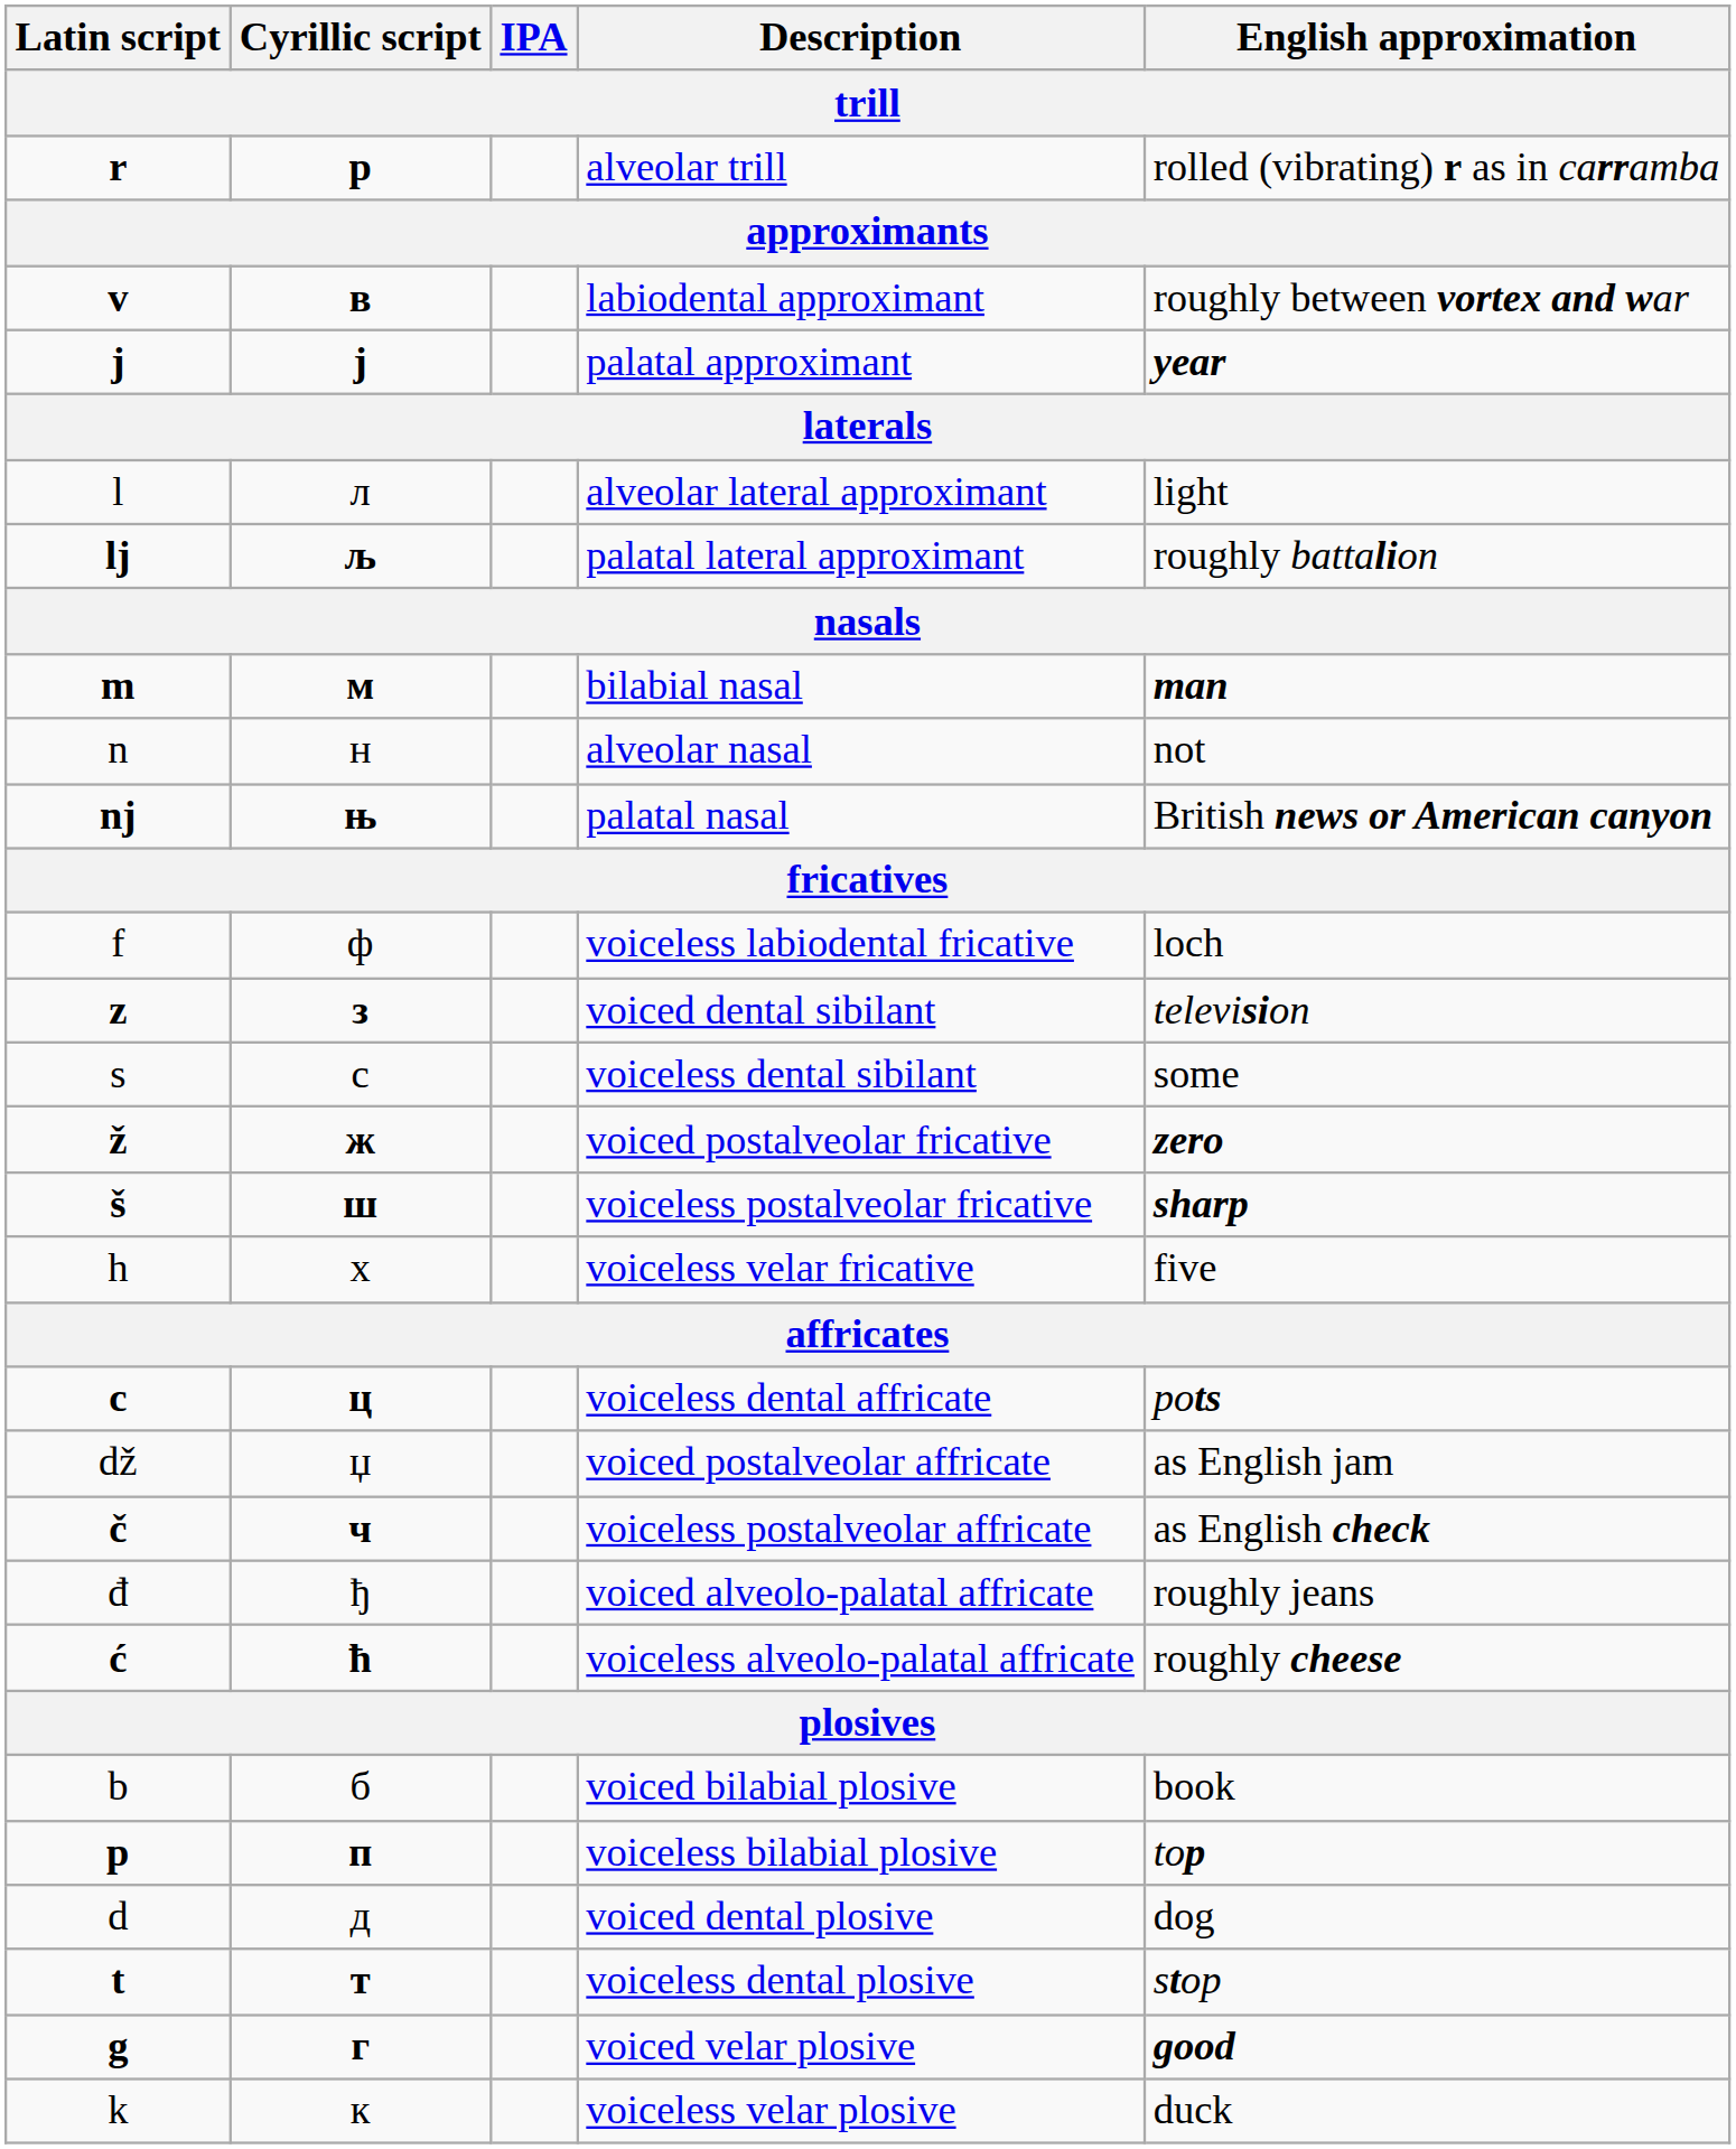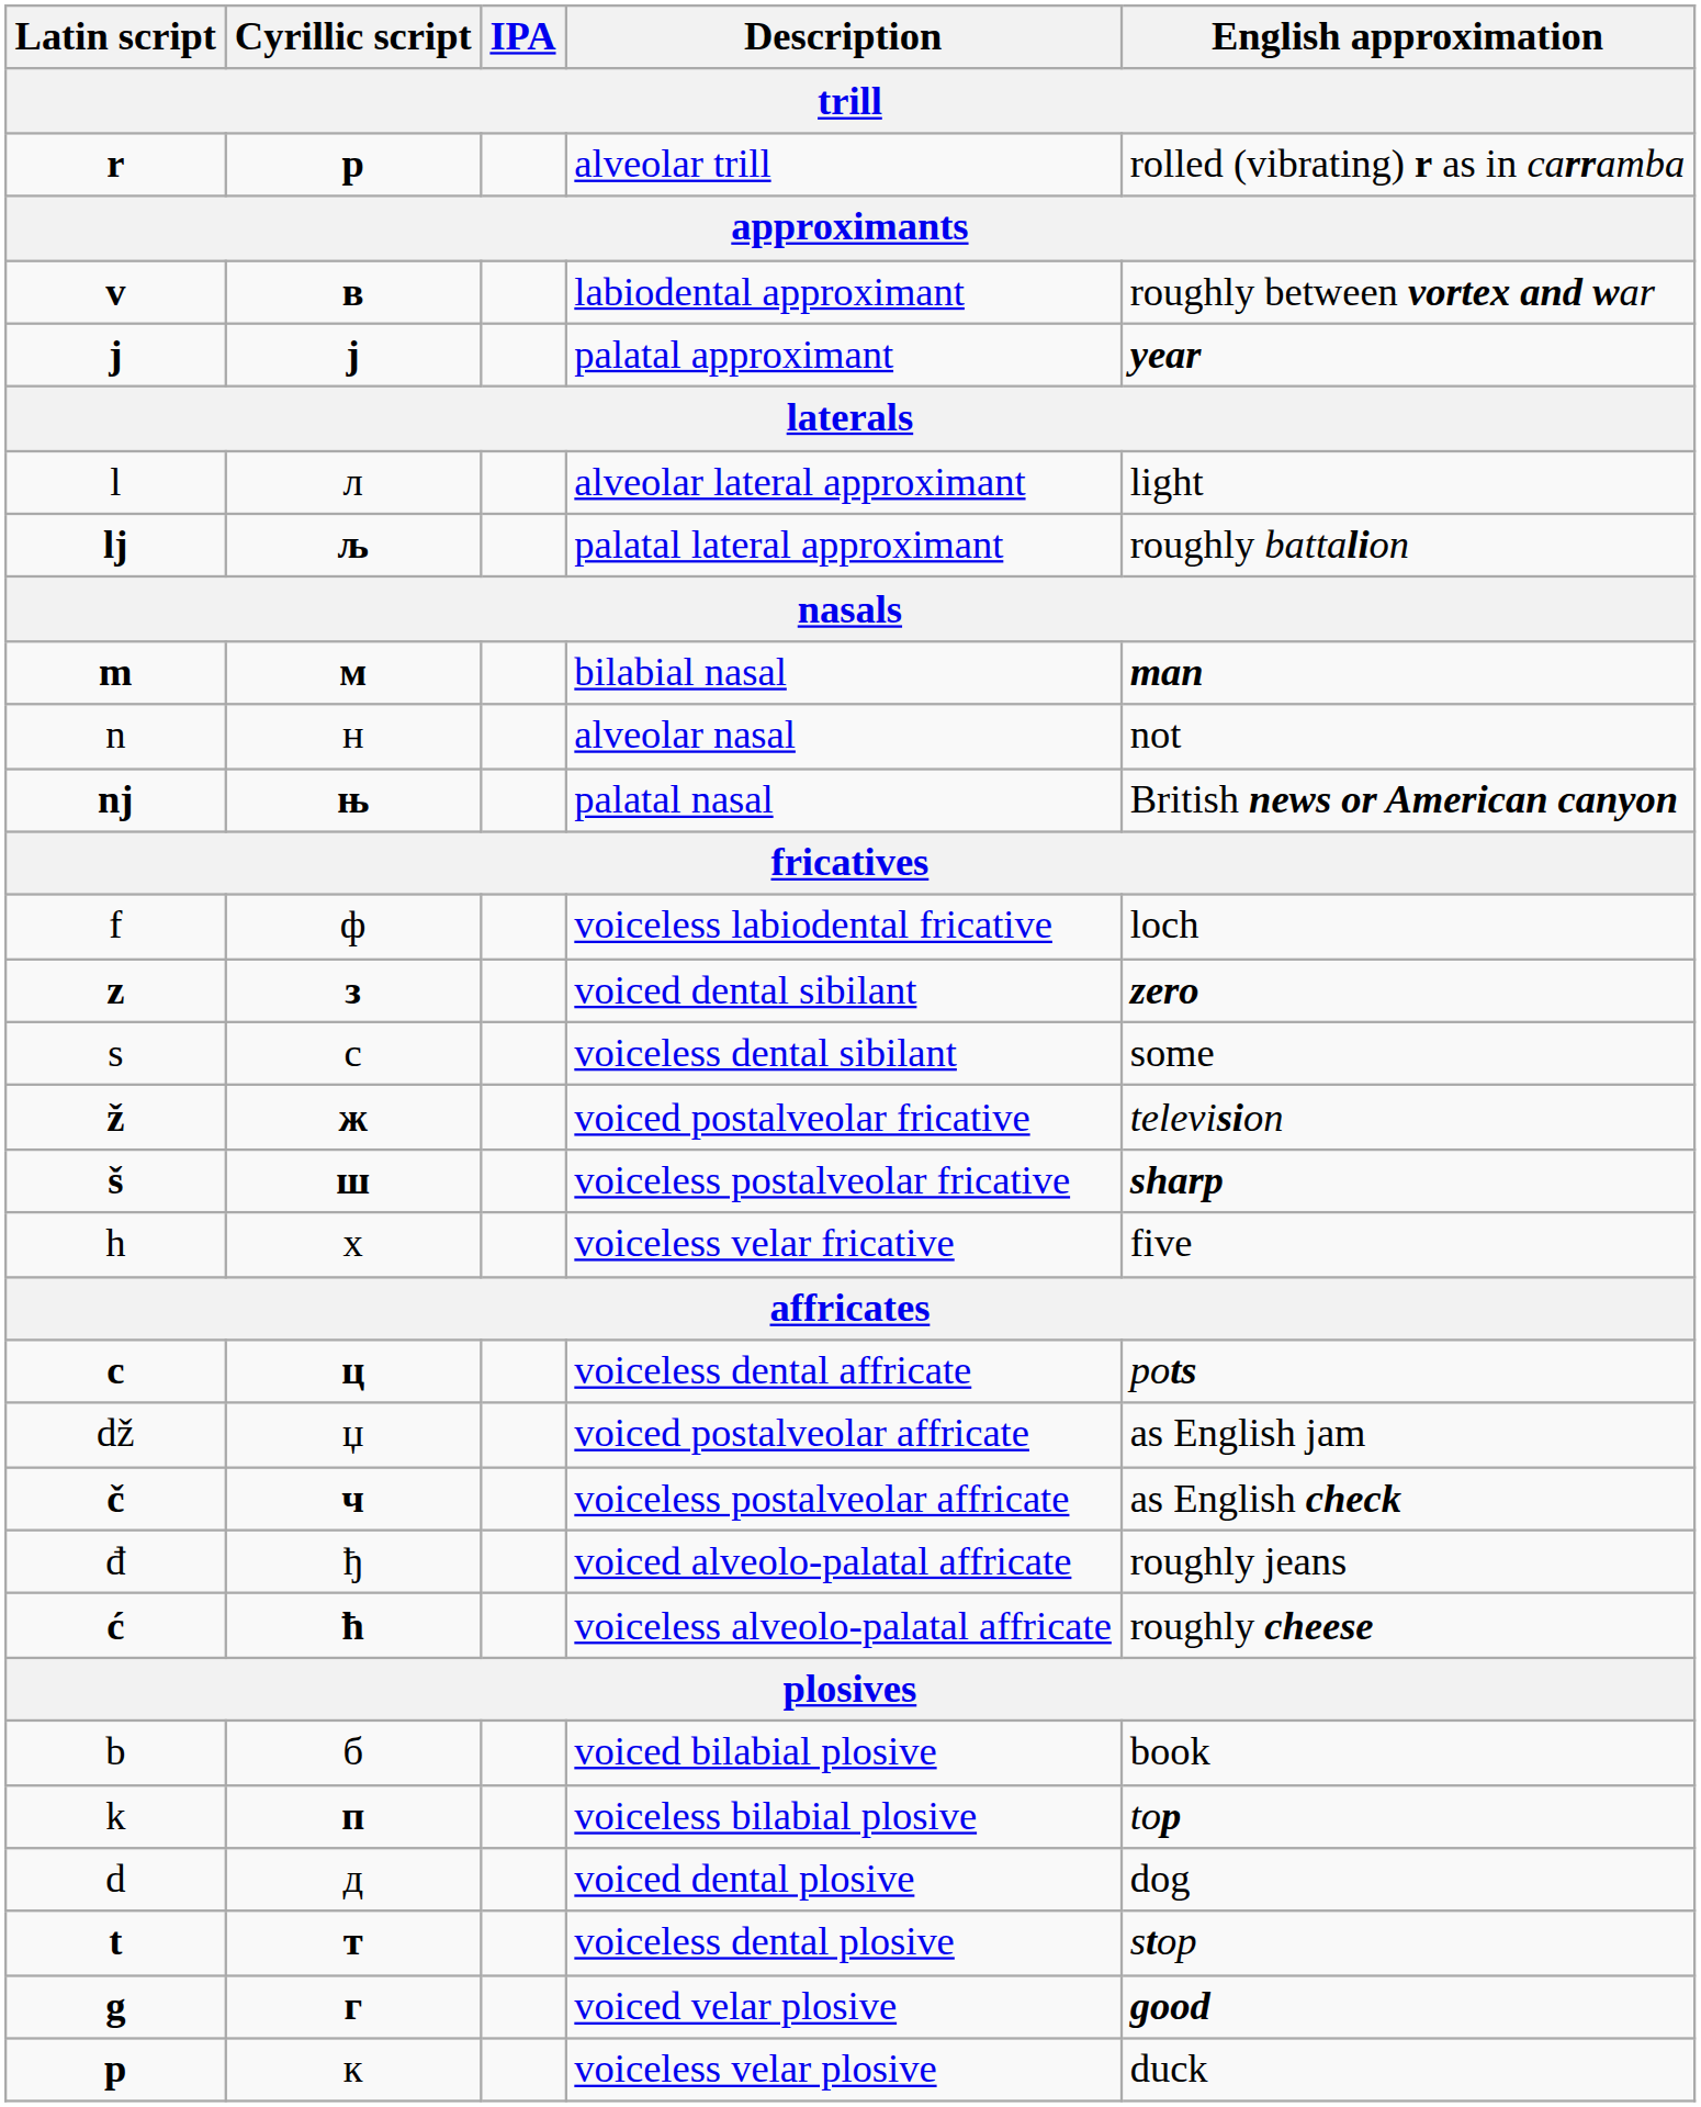 <table class="wikitable">
 <tr>
 <th><strong>Latin script</strong></th>
 <th><strong>Cyrillic script</strong></th>
 <th><strong><a href='#'>IPA</a></strong></th>
 <th><strong>Description</strong></th>
 <th><strong>English approximation</strong></th>
 </tr>
 <tr>
 <th colspan="6"><a href='#'>trill</a></th>
 </tr>
 <tr>
 <td style="text-align:center;"><strong>r</strong></td>
 <td style="text-align:center;"><strong>р</strong></td>
 <td style="text-align:center;"></td>
 <td><a href='#'>alveolar trill</a></td>
 <td>rolled (vibrating) <strong>r</strong> as in <em>ca<strong>rr</strong>amba</em></td>
 </tr>
 <tr>
 <th colspan="6"><a href='#'>approximants</a></th>
 </tr>
 <tr>
 <td style="text-align:center;"><strong>v</strong></td>
 <td style="text-align:center;"><strong>в</strong></td>
 <td style="text-align:center;"></td>
 <td><a href='#'>labiodental approximant</a></td>
 <td>roughly between <strong><em>v<strong>ortex<em> and </em></strong>w</strong>ar</em></td>
 </tr>
 <tr>
 <td style="text-align:center;"><strong>j</strong></td>
 <td style="text-align:center;"><strong>ј</strong></td>
 <td style="text-align:center;"></td>
 <td><a href='#'>palatal approximant</a></td>
 <td><strong><em>y<strong>ear<em></td>
 </tr>
 <tr>
 <th colspan="6"><a href='#'>laterals</a></th>
 </tr>
 <tr>
 <td style="text-align:center;"></strong>l<strong></td>
 <td style="text-align:center;"></strong>л<strong></td>
 <td style="text-align:center;"></td>
 <td><a href='#'>alveolar lateral approximant</a></td>
 <td></em></strong>l</strong>ight</em></td>
 </tr>
 <tr>
 <td style="text-align:center;"><strong>lj</strong></td>
 <td style="text-align:center;"><strong>љ</strong></td>
 <td style="text-align:center;"></td>
 <td><a href='#'>palatal lateral approximant</a></td>
 <td>roughly <em>batta<strong>li</strong>on</em></td>
 </tr>
 <tr>
 <th colspan="6"><a href='#'>nasals</a></th>
 </tr>
 <tr>
 <td style="text-align:center;"><strong>m</strong></td>
 <td style="text-align:center;"><strong>м</strong></td>
 <td style="text-align:center;"></td>
 <td><a href='#'>bilabial nasal</a></td>
 <td><strong><em>m<strong>an<em></td>
 </tr>
 <tr>
 <td style="text-align:center;"></strong>n<strong></td>
 <td style="text-align:center;"></strong>н<strong></td>
 <td style="text-align:center;"></td>
 <td><a href='#'>alveolar nasal</a></td>
 <td></em></strong>n</strong>ot</em></td>
 </tr>
 <tr>
 <td style="text-align:center;"><strong>nj</strong></td>
 <td style="text-align:center;"><strong>њ</strong></td>
 <td style="text-align:center;"></td>
 <td><a href='#'>palatal nasal</a></td>
 <td>British <strong><em>n<strong>ews<em> or American </em>ca</strong>ny<strong>on<em></td>
 </tr>
 <tr>
 <th colspan="6"><a href='#'>fricatives</a></th>
 </tr>
 <tr>
 <td style="text-align:center;"></strong>f<strong></td>
 <td style="text-align:center;"></strong>ф<strong></td>
 <td style="text-align:center;"></td>
 <td><a href='#'>voiceless labiodental fricative</a></td>
 <td></em>lo</strong>ch</em></strong></td>
 </tr>
 <tr>
 <td style="text-align:center;"><strong>z</strong></td>
 <td style="text-align:center;"><strong>з</strong></td>
 <td style="text-align:center;"></td>
 <td><a href='#'>voiced dental sibilant</a></td>
-<td><em>televi<strong>si</strong>on</em></td>
+<td><strong><em>z<strong>ero<em></td>
 </tr>
 <tr>
 <td style="text-align:center;"></strong>s<strong></td>
 <td style="text-align:center;"></strong>с<strong></td>
 <td style="text-align:center;"></td>
 <td><a href='#'>voiceless dental sibilant</a></td>
 <td></em></strong>s</strong>ome</em></td>
 </tr>
 <tr>
 <td style="text-align:center;"><strong>ž</strong></td>
 <td style="text-align:center;"><strong>ж</strong></td>
 <td style="text-align:center;"></td>
 <td><a href='#'>voiced postalveolar fricative</a></td>
-<td><strong><em>z<strong>ero<em></td>
+<td><em>televi<strong>si</strong>on</em></td>
 </tr>
 <tr>
 <td style="text-align:center;"><strong>š</strong></td>
 <td style="text-align:center;"><strong>ш</strong></td>
 <td style="text-align:center;"></td>
 <td><a href='#'>voiceless postalveolar fricative</a></td>
 <td><strong><em>sh<strong>arp<em></td>
 </tr>
 <tr>
 <td style="text-align:center;"></strong>h<strong></td>
 <td style="text-align:center;"></strong>х<strong></td>
 <td style="text-align:center;"></td>
 <td><a href='#'>voiceless velar fricative</a></td>
 <td></em></strong>f</strong>ive</em></td>
 </tr>
 <tr>
 <th colspan="6"><a href='#'>affricates</a></th>
 </tr>
 <tr>
 <td style="text-align:center;"><strong>c</strong></td>
 <td style="text-align:center;"><strong>ц</strong></td>
 <td style="text-align:center;"></td>
 <td><a href='#'>voiceless dental affricate</a></td>
 <td><em>po<strong>ts<strong><em></td>
 </tr>
 <tr>
 <td style="text-align:center;"></strong>dž<strong></td>
 <td style="text-align:center;"></strong>џ<strong></td>
 <td style="text-align:center;"></td>
 <td><a href='#'>voiced postalveolar affricate</a></td>
 <td>as English </em></strong>j</strong>am</em></td>
 </tr>
 <tr>
 <td style="text-align:center;"><strong>č</strong></td>
 <td style="text-align:center;"><strong>ч</strong></td>
 <td style="text-align:center;"></td>
 <td><a href='#'>voiceless postalveolar affricate</a></td>
 <td>as English <strong><em>ch<strong>eck<em></td>
 </tr>
 <tr>
 <td style="text-align:center;"></strong>đ<strong></td>
 <td style="text-align:center;"></strong>ђ<strong></td>
 <td style="text-align:center;"></td>
 <td><a href='#'>voiced alveolo-palatal affricate</a></td>
 <td>roughly </em></strong>j</strong>eans</em></td>
 </tr>
 <tr>
 <td style="text-align:center;"><strong>ć</strong></td>
 <td style="text-align:center;"><strong>ћ</strong></td>
 <td style="text-align:center;"></td>
 <td><a href='#'>voiceless alveolo-palatal affricate</a></td>
 <td>roughly <strong><em>ch<strong>eese<em></td>
 </tr>
 <tr>
 <th colspan="6"><a href='#'>plosives</a></th>
 </tr>
 <tr>
 <td style="text-align:center;"></strong>b<strong></td>
 <td style="text-align:center;"></strong>б<strong></td>
 <td style="text-align:center;"></td>
 <td><a href='#'>voiced bilabial plosive</a></td>
 <td></em></strong>b</strong>ook</em></td>
 </tr>
 <tr>
-<td style="text-align:center;"><strong>p</strong></td>
+<td style="text-align:center;"></strong>k<strong></td>
 <td style="text-align:center;"><strong>п</strong></td>
 <td style="text-align:center;"></td>
 <td><a href='#'>voiceless bilabial plosive</a></td>
 <td><em>to<strong>p<strong><em></td>
 </tr>
 <tr>
 <td style="text-align:center;"></strong>d<strong></td>
 <td style="text-align:center;"></strong>д<strong></td>
 <td style="text-align:center;"></td>
 <td><a href='#'>voiced dental plosive</a></td>
 <td></em></strong>d</strong>og</em></td>
 </tr>
 <tr>
 <td style="text-align:center;"><strong>t</strong></td>
 <td style="text-align:center;"><strong>т</strong></td>
 <td style="text-align:center;"></td>
 <td><a href='#'>voiceless dental plosive</a></td>
 <td><em>s<strong>t</strong>op</em></td>
 </tr>
 <tr>
 <td style="text-align:center;"><strong>g</strong></td>
 <td style="text-align:center;"><strong>г</strong></td>
 <td style="text-align:center;"></td>
 <td><a href='#'>voiced velar plosive</a></td>
 <td><strong><em>g<strong>ood<em></td>
 </tr>
 <tr>
-<td style="text-align:center;"></strong>k<strong></td>
+<td style="text-align:center;"><strong>p</strong></td>
 <td style="text-align:center;"></strong>к<strong></td>
 <td style="text-align:center;"></td>
 <td><a href='#'>voiceless velar plosive</a></td>
 <td></em>du</strong>ck</em></strong></td>
 </tr>
 </table>
